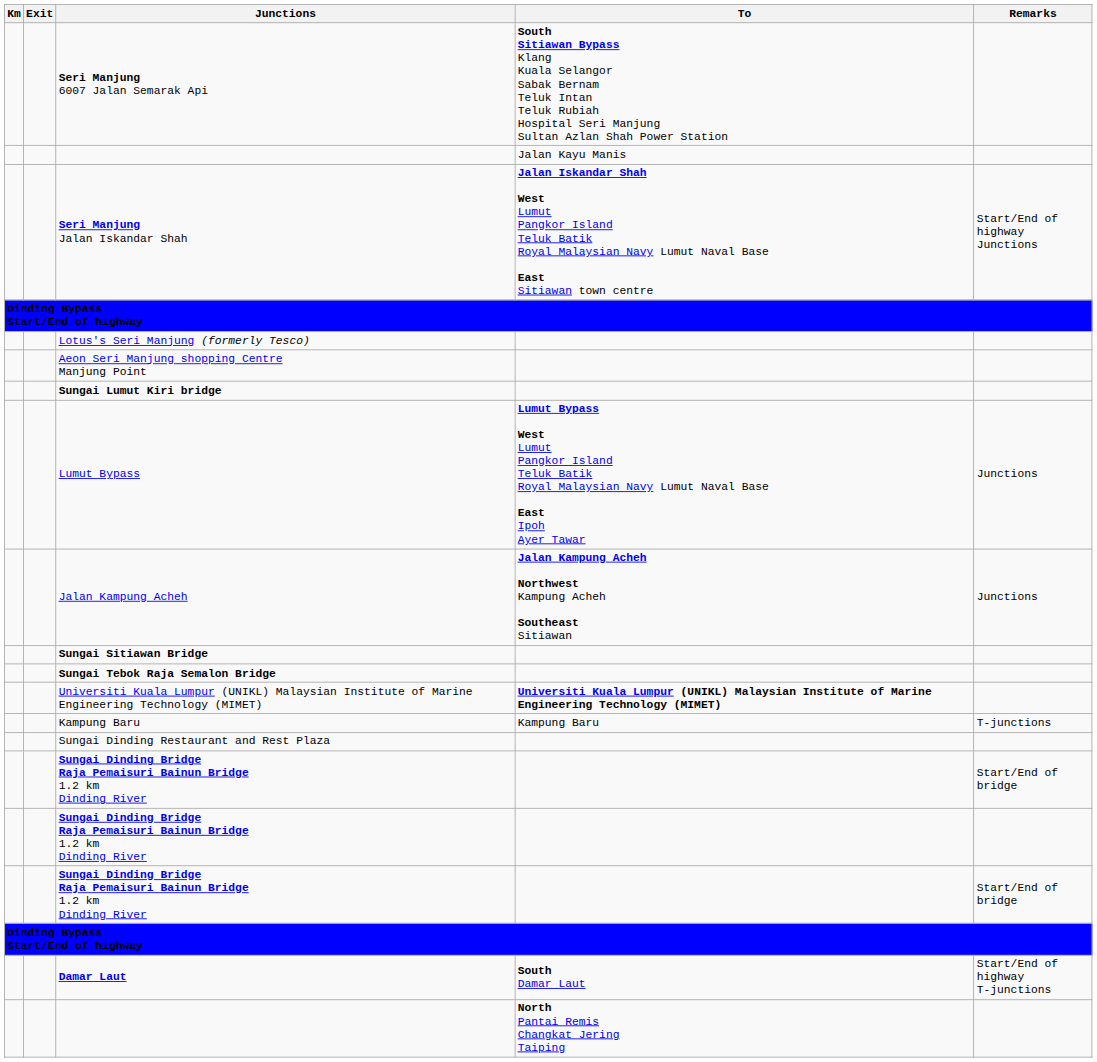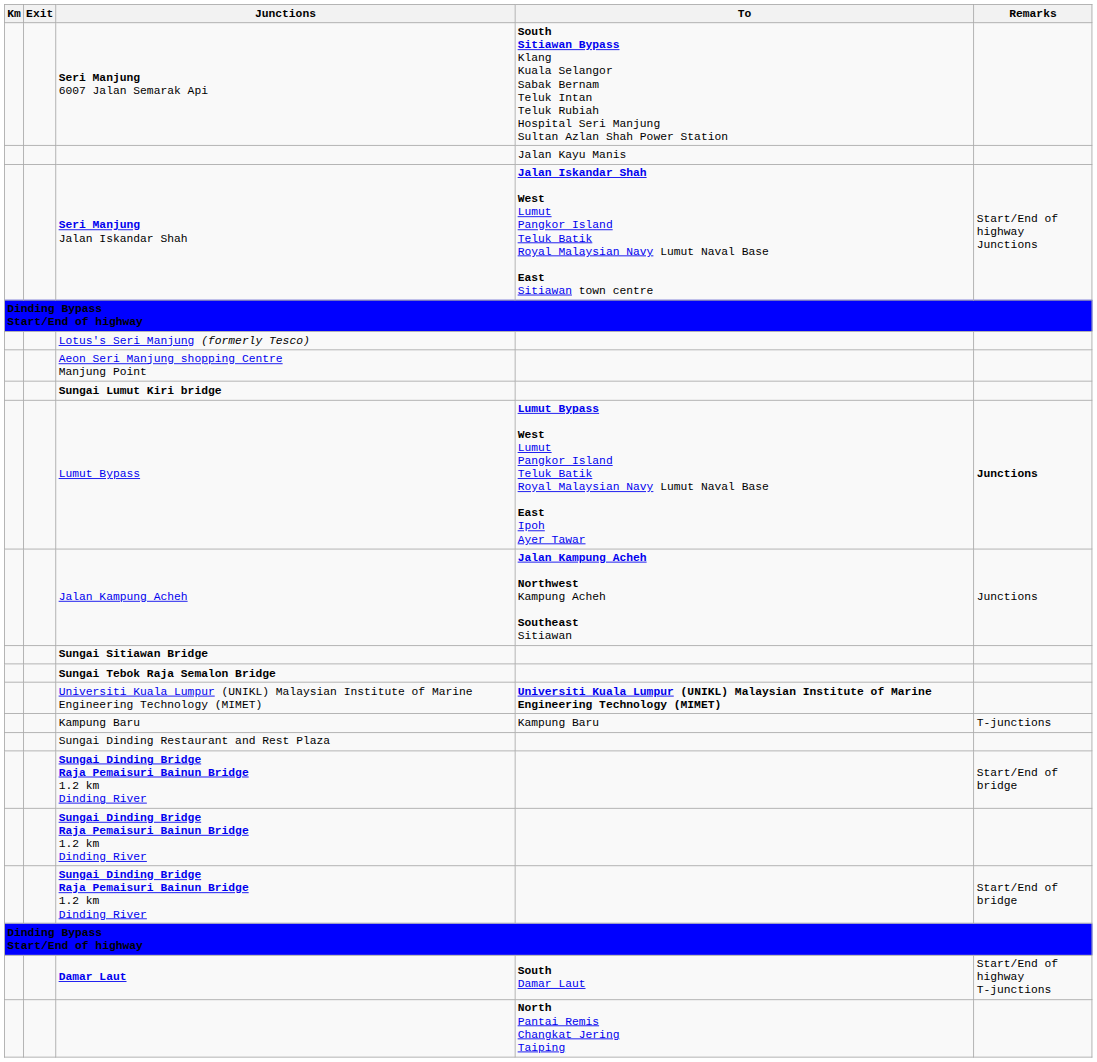 <table class="wikitable">
 <tr>
 <th>Km</th>
 <th>Exit</th>
 <th>Junctions</th>
 <th>To</th>
 <th>Remarks</th>
 </tr>
 <tr>
 <td></td>
 <td></td>
 <td><strong>Seri Manjung</strong><br>6007 Jalan Semarak Api</td>
 <td><strong>South</strong><br> <strong><a href='#'>Sitiawan Bypass</a></strong><br> Klang<br> Kuala Selangor<br> Sabak Bernam<br> Teluk Intan<br>Teluk Rubiah<br>Hospital Seri Manjung <br>Sultan Azlan Shah Power Station</td>
 <td></td>
 </tr>
 <tr>
 <td></td>
 <td></td>
 <td></td>
 <td>Jalan Kayu Manis</td>
 <td></td>
 </tr>
 <tr>
 <td></td>
 <td></td>
 <td><strong><a href='#'>Seri Manjung</a></strong><br>Jalan Iskandar Shah</td>
 <td> <strong><a href='#'>Jalan Iskandar Shah</a></strong><br><br><strong>West</strong><br> <a href='#'>Lumut</a><br> <a href='#'>Pangkor Island</a><br> <a href='#'>Teluk Batik</a><br> <a href='#'>Royal Malaysian Navy</a> Lumut Naval Base<br><br><strong>East</strong><br> <a href='#'>Sitiawan</a> town centre</td>
 <td>Start/End of highway<br>Junctions</td>
 </tr>
 <tr>
 <td style="width:600px" colspan="6" style="text-align:center" bgcolor="blue"><strong><span> Dinding Bypass<br>Start/End of highway</span></strong></td>
 </tr>
 <tr>
 <td></td>
 <td></td>
 <td><a href='#'>Lotus's Seri Manjung</a> <em>(formerly Tesco)</em></td>
 <td></td>
 <td></td>
 </tr>
 <tr>
 <td></td>
 <td></td>
 <td><a href='#'>Aeon Seri Manjung shopping Centre</a><br>Manjung Point</td>
 <td></td>
 <td></td>
 </tr>
 <tr>
 <td></td>
 <td></td>
 <td><strong>Sungai Lumut Kiri bridge</strong></td>
 <td></td>
 <td></td>
 </tr>
 <tr>
 <td></td>
 <td></td>
 <td><a href='#'>Lumut Bypass</a></td>
 <td> <strong><a href='#'>Lumut Bypass</a></strong><br><br><strong>West</strong><br> <a href='#'>Lumut</a><br> <a href='#'>Pangkor Island</a><br> <a href='#'>Teluk Batik</a><br> <a href='#'>Royal Malaysian Navy</a> Lumut Naval Base<br><br><strong>East</strong><br> <a href='#'>Ipoh</a><br> <a href='#'>Ayer Tawar</a></td>
-<td>Junctions</td>
+<td><strong>Junctions</strong></td>
 </tr>
 <tr>
 <td></td>
 <td></td>
 <td><a href='#'>Jalan Kampung Acheh</a></td>
 <td> <strong><a href='#'>Jalan Kampung Acheh</a></strong><br><br><strong>Northwest</strong><br>Kampung Acheh<br><br><strong>Southeast</strong><br>Sitiawan</td>
 <td>Junctions</td>
 </tr>
 <tr>
 <td></td>
 <td></td>
 <td><strong>Sungai Sitiawan Bridge</strong></td>
 <td></td>
 <td></td>
 </tr>
 <tr>
 <td></td>
 <td></td>
 <td><strong>Sungai Tebok Raja Semalon Bridge</strong></td>
 <td></td>
 <td></td>
 </tr>
 <tr>
 <td></td>
 <td></td>
 <td><a href='#'>Universiti Kuala Lumpur</a> (UNIKL) Malaysian Institute of Marine Engineering Technology (MIMET) </td>
 <td><strong><a href='#'>Universiti Kuala Lumpur</a> (UNIKL) Malaysian Institute of Marine Engineering Technology (MIMET)</strong> </td>
 <td></td>
 </tr>
 <tr>
 <td></td>
 <td></td>
 <td>Kampung Baru</td>
 <td>Kampung Baru</td>
 <td>T-junctions</td>
 </tr>
 <tr>
 <td></td>
 <td></td>
 <td> Sungai Dinding Restaurant and Rest Plaza</td>
 <td>   </td>
 <td></td>
 </tr>
 <tr>
 <td></td>
 <td></td>
 <td><strong><a href='#'>Sungai Dinding Bridge</a></strong><br><strong><a href='#'>Raja Pemaisuri Bainun Bridge</a></strong><br>1.2 km<br><a href='#'>Dinding River</a></td>
 <td></td>
 <td>Start/End of bridge</td>
 </tr>
 <tr>
 <td></td>
 <td></td>
 <td><strong><a href='#'>Sungai Dinding Bridge</a></strong><br><strong><a href='#'>Raja Pemaisuri Bainun Bridge</a></strong><br>1.2 km<br><a href='#'>Dinding River</a></td>
 <td></td>
 <td></td>
 </tr>
 <tr>
 <td></td>
 <td></td>
 <td><strong><a href='#'>Sungai Dinding Bridge</a></strong><br><strong><a href='#'>Raja Pemaisuri Bainun Bridge</a></strong><br>1.2 km<br><a href='#'>Dinding River</a></td>
 <td></td>
 <td>Start/End of bridge</td>
 </tr>
 <tr>
 <td style="width:600px" colspan="6" style="text-align:center" bgcolor="blue"><strong><span> Dinding Bypass<br>Start/End of highway</span></strong></td>
 </tr>
 <tr>
 <td></td>
 <td></td>
 <td><strong><a href='#'>Damar Laut</a></strong></td>
 <td><strong>South</strong><br> <a href='#'>Damar Laut</a></td>
 <td>Start/End of highway<br>T-junctions</td>
 </tr>
 <tr>
 <td></td>
 <td></td>
 <td></td>
 <td><strong>North</strong><br> <a href='#'>Pantai Remis</a><br> <a href='#'>Changkat Jering</a><br> <a href='#'>Taiping</a></td>
 <td></td>
 </tr>
 </table>
